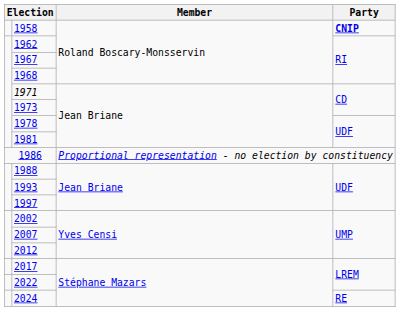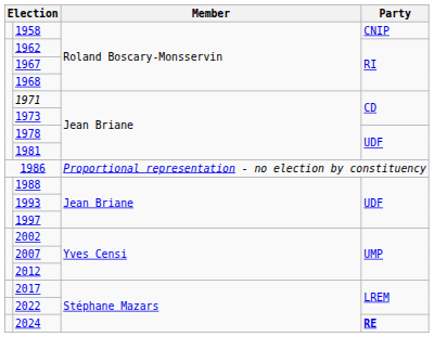 <table class="wikitable">
 <tr>
 <th colspan="2">Election</th>
 <th>Member</th>
 <th>Party</th>
 </tr>
 <tr>
 <td style="color:inherit;background-color: "></td>
 <td><a href='#'>1958</a></td>
 <td rowspan="4">Roland Boscary-Monsservin</td>
-<td><strong><a href='#'>CNIP</a></strong></td>
+<td><a href='#'>CNIP</a></td>
 </tr>
 <tr>
 <td rowspan="7" style="color:inherit;background-color: "></td>
 <td><a href='#'>1962</a></td>
 <td rowspan="3"><a href='#'>RI</a></td>
 </tr>
 <tr>
 <td><a href='#'>1967</a></td>
 </tr>
 <tr>
 <td><a href='#'>1968</a></td>
 </tr>
 <tr>
 <td><em>1971</em></td>
 <td rowspan="4">Jean Briane</td>
 <td rowspan="2"><a href='#'>CD</a></td>
 </tr>
 <tr>
 <td><a href='#'>1973</a></td>
 </tr>
 <tr>
 <td><a href='#'>1978</a></td>
 <td rowspan="2"><a href='#'>UDF</a></td>
 </tr>
 <tr>
 <td><a href='#'>1981</a></td>
 </tr>
 <tr>
 <td colspan="2" align="center"><a href='#'>1986</a></td>
 <td colspan="2"><em><a href='#'>Proportional representation</a> - no election by constituency</em></td>
 </tr>
 <tr>
 <td rowspan="3" style="color:inherit;background-color: "></td>
 <td><a href='#'>1988</a></td>
 <td rowspan=3><a href='#'>Jean Briane</a></td>
 <td rowspan="3"><a href='#'>UDF</a></td>
 </tr>
 <tr>
 <td><a href='#'>1993</a></td>
 </tr>
 <tr>
 <td><a href='#'>1997</a></td>
 </tr>
 <tr>
 <td rowspan="3" style="color:inherit;background-color: "></td>
 <td><a href='#'>2002</a></td>
 <td rowspan="3"><a href='#'>Yves Censi</a></td>
 <td rowspan="3"><a href='#'>UMP</a></td>
 </tr>
 <tr>
 <td><a href='#'>2007</a></td>
 </tr>
 <tr>
 <td><a href='#'>2012</a></td>
 </tr>
 <tr>
 <td style="color:inherit;background-color: "></td>
 <td><a href='#'>2017</a></td>
 <td rowspan="3"><a href='#'>Stéphane Mazars</a></td>
 <td rowspan="2"><a href='#'>LREM</a></td>
 </tr>
 <tr>
 <td style="color:inherit;background-color: "></td>
 <td><a href='#'>2022</a></td>
 </tr>
 <tr>
 <td style="color:inherit;background-color: "></td>
 <td><a href='#'>2024</a></td>
-<td><a href='#'>RE</a></td>
+<td><strong><a href='#'>RE</a></strong></td>
 </tr>
 </table>
